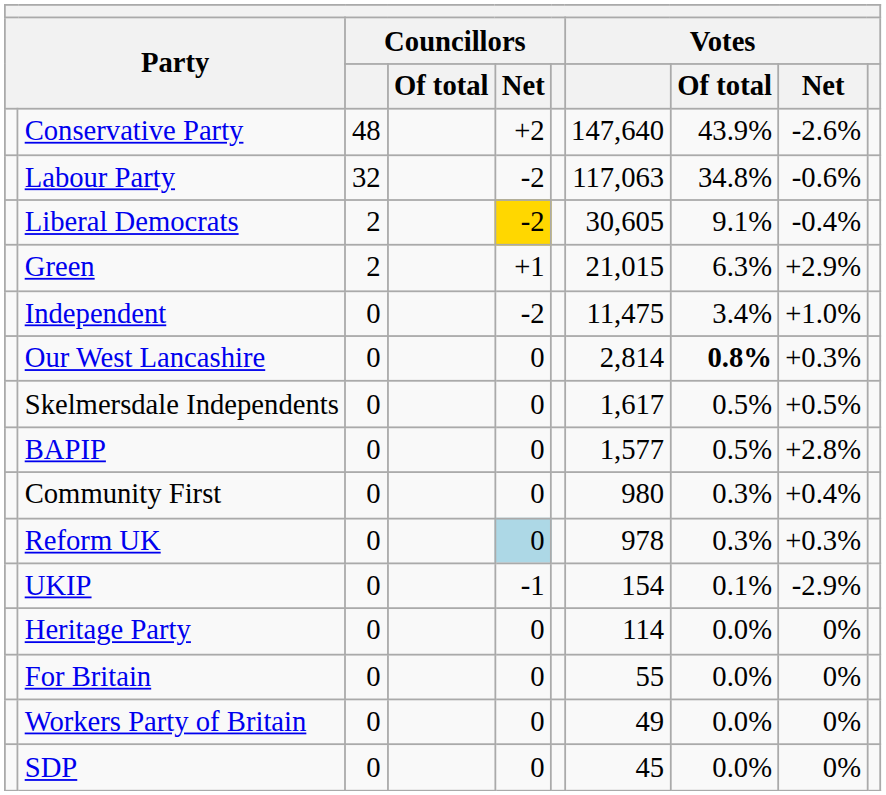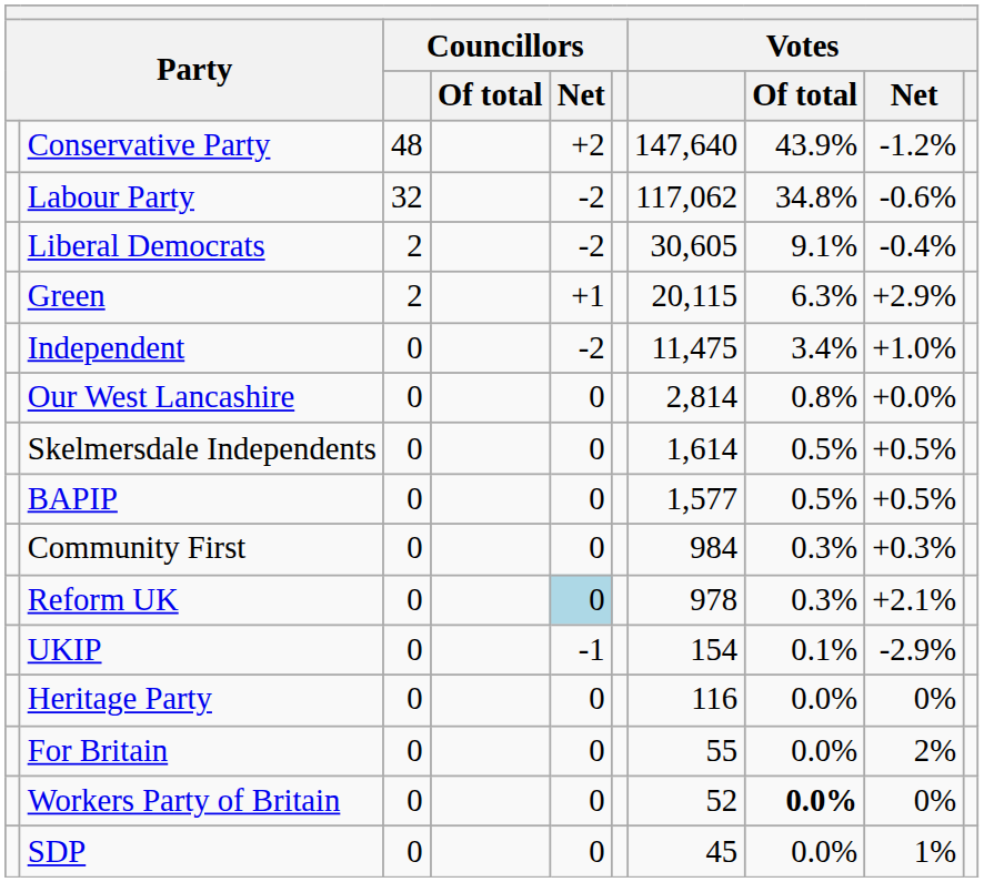 <table class="wikitable sortable" style="text-align:center;">
 <tr>
 <th colspan="10"></th>
 </tr>
 <tr>
 <th colspan="2" rowspan="2">Party</th>
 <th colspan="4">Councillors</th>
 <th colspan="4">Votes</th>
 </tr>
 <tr>
 <th></th>
 <th>Of total</th>
 <th>Net</th>
 <th class="unsortable"></th>
 <th></th>
 <th>Of total</th>
 <th>Net</th>
 <th class="unsortable"></th>
 </tr>
 <tr>
 <td style="background:"></td>
 <td style="text-align:left;"><a href='#'>Conservative Party</a></td>
 <td style="text-align:right;">48</td>
 <td style="text-align:right;"></td>
 <td style="text-align:right;">+2</td>
 <td data-sort-value=""></td>
 <td style="text-align:right;">147,640</td>
 <td style="text-align:right;">43.9%</td>
-<td style="text-align:right;">-2.6%</td>
+<td style="text-align:right;">-1.2%</td>
 <td></td>
 </tr>
 <tr>
 <td style="background:"></td>
 <td style="text-align:left;"><a href='#'>Labour Party</a></td>
 <td style="text-align:right;">32</td>
 <td style="text-align:right;"></td>
 <td style="text-align:right;">-2</td>
 <td data-sort-value=""></td>
-<td style="text-align:right;">117,063</td>
+<td style="text-align:right;">117,062</td>
 <td style="text-align:right;">34.8%</td>
 <td style="text-align:right;">-0.6%</td>
 <td></td>
 </tr>
 <tr>
 <td style="background:"></td>
 <td style="text-align:left;"><a href='#'>Liberal Democrats</a></td>
 <td style="text-align:right;">2</td>
 <td style="text-align:right;"></td>
-<td style="background: gold; text-align:right;">-2</td>
+<td style="text-align:right;">-2</td>
 <td data-sort-value=""></td>
 <td style="text-align:right;">30,605</td>
 <td style="text-align:right;">9.1%</td>
 <td style="text-align:right;">-0.4%</td>
 <td></td>
 </tr>
 <tr>
 <td style="background:"></td>
 <td style="text-align:left;"><a href='#'>Green</a></td>
 <td style="text-align:right;">2</td>
 <td style="text-align:right;"></td>
 <td style="text-align:right;">+1</td>
 <td data-sort-value=""></td>
-<td style="text-align:right;">21,015</td>
+<td style="text-align:right;">20,115</td>
 <td style="text-align:right;">6.3%</td>
 <td style="text-align:right;">+2.9%</td>
 <td></td>
 </tr>
 <tr>
 <td style="background:"></td>
 <td style="text-align:left;"><a href='#'>Independent</a></td>
 <td style="text-align:right;">0</td>
 <td style="text-align:right;"></td>
 <td style="text-align:right;">-2</td>
 <td data-sort-value=""></td>
 <td style="text-align:right;">11,475</td>
 <td style="text-align:right;">3.4%</td>
 <td style="text-align:right;">+1.0%</td>
 <td></td>
 </tr>
 <tr>
 <td style="background:"></td>
 <td style="text-align:left;"><a href='#'>Our West Lancashire</a></td>
 <td style="text-align:right;">0</td>
 <td style="text-align:right;"></td>
 <td style="text-align:right;">0</td>
 <td data-sort-value=""></td>
 <td style="text-align:right;">2,814</td>
-<td style="text-align:right;"><strong>0.8%</strong></td>
-<td style="text-align:right;">+0.3%</td>
+<td style="text-align:right;">0.8%</td>
+<td style="text-align:right;">+0.0%</td>
 <td></td>
 </tr>
 <tr>
 <td style="background:"></td>
 <td style="text-align:left;">Skelmersdale Independents</td>
 <td style="text-align:right;">0</td>
 <td style="text-align:right;"></td>
 <td style="text-align:right;">0</td>
 <td data-sort-value=""></td>
-<td style="text-align:right;">1,617</td>
+<td style="text-align:right;">1,614</td>
 <td style="text-align:right;">0.5%</td>
 <td style="text-align:right;">+0.5%</td>
 <td></td>
 </tr>
 <tr>
 <td style="background:"></td>
 <td style="text-align:left;"><a href='#'>BAPIP</a></td>
 <td style="text-align:right;">0</td>
 <td style="text-align:right;"></td>
 <td style="text-align:right;">0</td>
 <td data-sort-value=""></td>
 <td style="text-align:right;">1,577</td>
 <td style="text-align:right;">0.5%</td>
-<td style="text-align:right;">+2.8%</td>
+<td style="text-align:right;">+0.5%</td>
 <td></td>
 </tr>
 <tr>
 <td style="background:"></td>
 <td style="text-align:left;">Community First</td>
 <td style="text-align:right;">0</td>
 <td style="text-align:right;"></td>
 <td style="text-align:right;">0</td>
 <td data-sort-value=""></td>
-<td style="text-align:right;">980</td>
+<td style="text-align:right;">984</td>
 <td style="text-align:right;">0.3%</td>
-<td style="text-align:right;">+0.4%</td>
+<td style="text-align:right;">+0.3%</td>
 <td></td>
 </tr>
 <tr>
 <td style="background:"></td>
 <td style="text-align:left;"><a href='#'>Reform UK</a></td>
 <td style="text-align:right;">0</td>
 <td style="text-align:right;"></td>
 <td style="background: lightblue; text-align:right;">0</td>
 <td data-sort-value=""></td>
 <td style="text-align:right;">978</td>
 <td style="text-align:right;">0.3%</td>
-<td style="text-align:right;">+0.3%</td>
+<td style="text-align:right;">+2.1%</td>
 <td></td>
 </tr>
 <tr>
 <td style="background:"></td>
 <td style="text-align:left;"><a href='#'>UKIP</a></td>
 <td style="text-align:right;">0</td>
 <td style="text-align:right;"></td>
 <td style="text-align:right;">-1</td>
 <td data-sort-value=""></td>
 <td style="text-align:right;">154</td>
 <td style="text-align:right;">0.1%</td>
 <td style="text-align:right;">-2.9%</td>
 <td></td>
 </tr>
 <tr>
 <td style="background:"></td>
 <td style="text-align:left;"><a href='#'>Heritage Party</a></td>
 <td style="text-align:right;">0</td>
 <td style="text-align:right;"></td>
 <td style="text-align:right;">0</td>
 <td data-sort-value=""></td>
-<td style="text-align:right;">114</td>
+<td style="text-align:right;">116</td>
 <td style="text-align:right;">0.0%</td>
 <td style="text-align:right;">0%</td>
 <td></td>
 </tr>
 <tr>
 <td style="background:"></td>
 <td style="text-align:left;"><a href='#'>For Britain</a></td>
 <td style="text-align:right;">0</td>
 <td style="text-align:right;"></td>
 <td style="text-align:right;">0</td>
 <td data-sort-value=""></td>
 <td style="text-align:right;">55</td>
 <td style="text-align:right;">0.0%</td>
-<td style="text-align:right;">0%</td>
+<td style="text-align:right;">2%</td>
 <td></td>
 </tr>
 <tr>
 <td style="background:"></td>
 <td style="text-align:left;"><a href='#'>Workers Party of Britain</a></td>
 <td style="text-align:right;">0</td>
 <td style="text-align:right;"></td>
 <td style="text-align:right;">0</td>
 <td data-sort-value=""></td>
-<td style="text-align:right;">49</td>
-<td style="text-align:right;">0.0%</td>
+<td style="text-align:right;">52</td>
+<td style="text-align:right;"><strong>0.0%</strong></td>
 <td style="text-align:right;">0%</td>
 <td></td>
 </tr>
 <tr>
 <td style="background:"></td>
 <td style="text-align:left;"><a href='#'>SDP</a></td>
 <td style="text-align:right;">0</td>
 <td style="text-align:right;"></td>
 <td style="text-align:right;">0</td>
 <td data-sort-value=""></td>
 <td style="text-align:right;">45</td>
 <td style="text-align:right;">0.0%</td>
-<td style="text-align:right;">0%</td>
+<td style="text-align:right;">1%</td>
 <td></td>
 </tr>
 </table>
